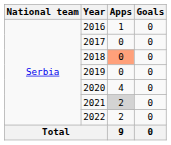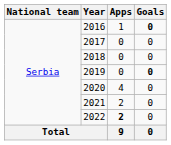 <table class="wikitable" style="text-align:center">
 <tr>
 <th>National team</th>
 <th>Year</th>
 <th>Apps</th>
 <th>Goals</th>
 </tr>
 <tr>
 <td rowspan="7"><a href='#'>Serbia</a></td>
 <td>2016</td>
 <td>1</td>
-<td>0</td>
+<td><strong>0</strong></td>
 </tr>
 <tr>
 <td>2017</td>
 <td>0</td>
 <td>0</td>
 </tr>
 <tr>
 <td>2018</td>
-<td style="background: lightsalmon;">0</td>
+<td>0</td>
 <td>0</td>
 </tr>
 <tr>
 <td>2019</td>
 <td>0</td>
-<td>0</td>
+<td><strong>0</strong></td>
 </tr>
 <tr>
 <td>2020</td>
 <td>4</td>
 <td>0</td>
 </tr>
 <tr>
 <td>2021</td>
-<td style="background: lightgrey;">2</td>
+<td>2</td>
 <td>0</td>
 </tr>
 <tr>
 <td>2022</td>
-<td>2</td>
+<td><strong>2</strong></td>
 <td>0</td>
 </tr>
 <tr>
 <th colspan="2">Total</th>
 <th>9</th>
 <th>0</th>
 </tr>
 </table>
